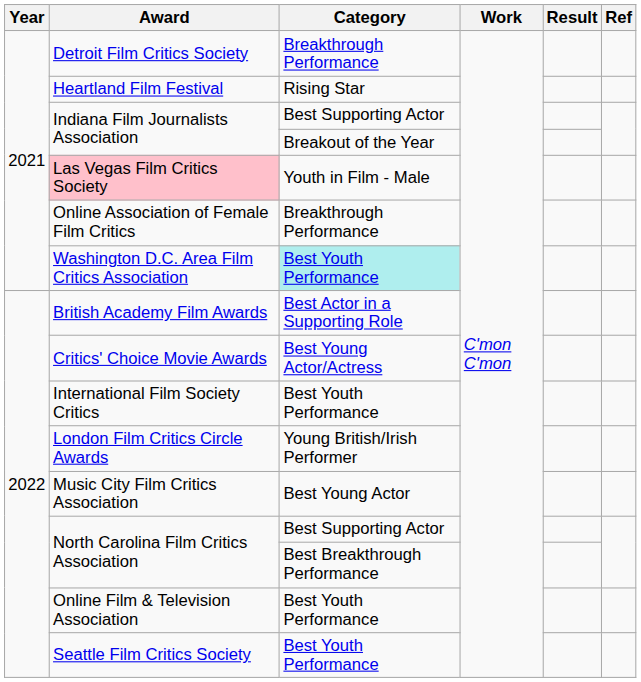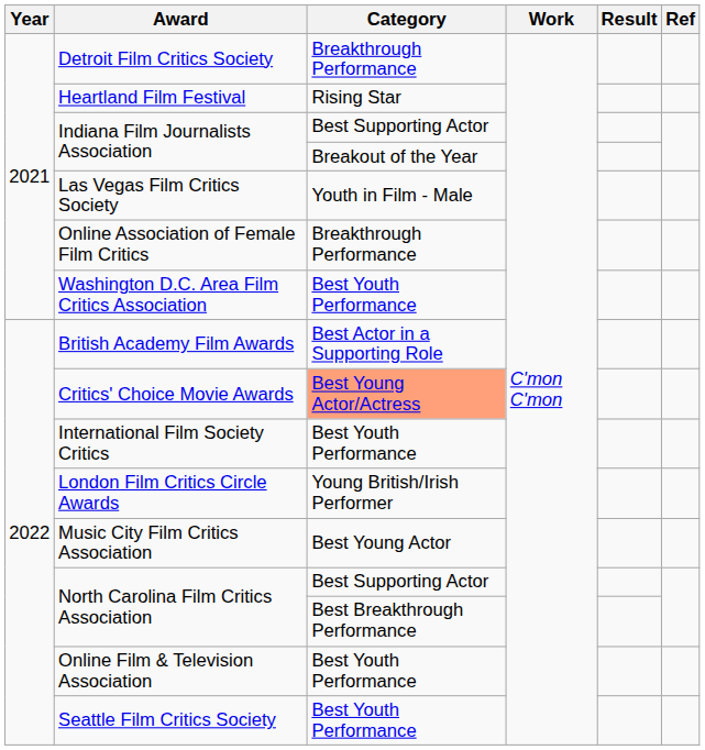 <table class="wikitable plainrowheaders">
 <tr>
 <th>Year</th>
 <th>Award</th>
 <th>Category</th>
 <th>Work</th>
 <th>Result</th>
 <th>Ref</th>
 </tr>
 <tr>
 <td rowspan="7">2021</td>
 <td><a href='#'>Detroit Film Critics Society</a></td>
 <td><a href='#'>Breakthrough Performance</a></td>
 <td rowspan="16"><em><a href='#'>C'mon C'mon</a></em></td>
 <td></td>
 <td style="text-align: center;"></td>
 </tr>
 <tr>
 <td><a href='#'>Heartland Film Festival</a></td>
 <td>Rising Star</td>
 <td></td>
 <td style="text-align: center;"></td>
 </tr>
 <tr>
 <td rowspan=2>Indiana Film Journalists Association</td>
 <td>Best Supporting Actor</td>
 <td></td>
 <td style="text-align:center;" rowspan="2"></td>
 </tr>
 <tr>
 <td>Breakout of the Year</td>
 <td></td>
 </tr>
 <tr>
-<td style="background: pink;">Las Vegas Film Critics Society</td>
+<td>Las Vegas Film Critics Society</td>
 <td>Youth in Film - Male</td>
 <td></td>
 <td style="text-align: center;"></td>
 </tr>
 <tr>
 <td>Online Association of Female Film Critics</td>
 <td>Breakthrough Performance</td>
 <td></td>
 <td style="text-align: center;"></td>
 </tr>
 <tr>
 <td><a href='#'>Washington D.C. Area Film Critics Association</a></td>
-<td style="background: paleturquoise;"><a href='#'>Best Youth Performance</a></td>
+<td><a href='#'>Best Youth Performance</a></td>
 <td></td>
 <td style="text-align: center;"></td>
 </tr>
 <tr>
 <td rowspan="9">2022</td>
 <td><a href='#'>British Academy Film Awards</a></td>
 <td><a href='#'>Best Actor in a Supporting Role</a></td>
 <td></td>
 <td style="text-align: center;"></td>
 </tr>
 <tr>
 <td><a href='#'>Critics' Choice Movie Awards</a></td>
-<td><a href='#'>Best Young Actor/Actress</a></td>
+<td style="background: lightsalmon;"><a href='#'>Best Young Actor/Actress</a></td>
 <td></td>
 <td style="text-align: center;"></td>
 </tr>
 <tr>
 <td>International Film Society Critics</td>
 <td>Best Youth Performance</td>
 <td></td>
 <td style="text-align: center;"></td>
 </tr>
 <tr>
 <td><a href='#'>London Film Critics Circle Awards</a></td>
 <td>Young British/Irish Performer</td>
 <td></td>
 <td style="text-align: center;"></td>
 </tr>
 <tr>
 <td>Music City Film Critics Association</td>
 <td>Best Young Actor</td>
 <td></td>
 <td style="text-align: center;"></td>
 </tr>
 <tr>
 <td rowspan=2>North Carolina Film Critics Association</td>
 <td>Best Supporting Actor</td>
 <td></td>
 <td style="text-align:center;" rowspan="2"></td>
 </tr>
 <tr>
 <td>Best Breakthrough Performance</td>
 <td></td>
 </tr>
 <tr>
 <td>Online Film & Television Association</td>
 <td>Best Youth Performance</td>
 <td></td>
 <td style="text-align: center;"></td>
 </tr>
 <tr>
 <td><a href='#'>Seattle Film Critics Society</a></td>
 <td><a href='#'>Best Youth Performance</a></td>
 <td></td>
 <td style="text-align: center;"></td>
 </tr>
 </table>
